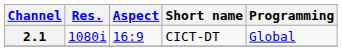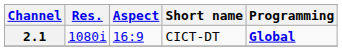 <table class="wikitable">
 <tr>
 <th><a href='#'>Channel</a></th>
 <th><a href='#'>Res.</a></th>
 <th><a href='#'>Aspect</a></th>
 <th>Short name</th>
 <th>Programming</th>
 </tr>
 <tr>
 <th scope = "row">2.1</th>
 <td><a href='#'>1080i</a></td>
 <td><a href='#'>16:9</a></td>
 <td>CICT-DT</td>
-<td><a href='#'>Global</a></td>
+<td><strong><a href='#'>Global</a></strong></td>
 </tr>
 <tr>
 </tr>
 </table>
